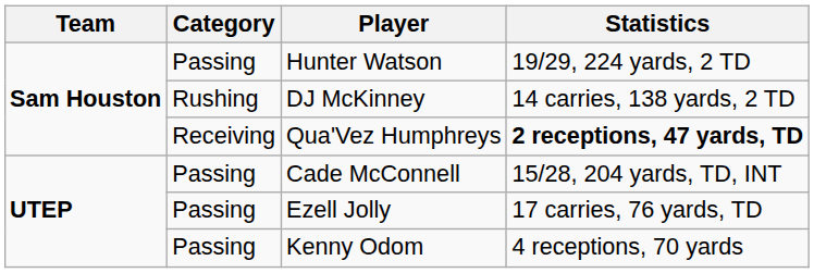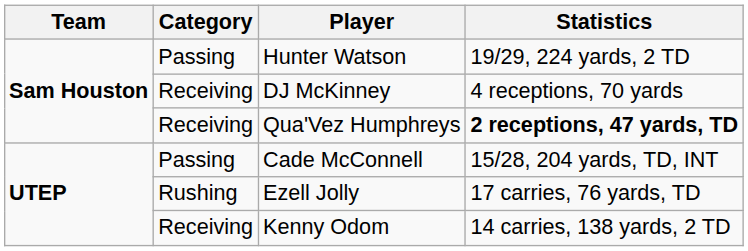 <table class="wikitable" style="float: right;">
 <tr>
 <th>Team</th>
 <th>Category</th>
 <th>Player</th>
 <th>Statistics</th>
 </tr>
 <tr>
 <td rowspan=3><strong>Sam Houston</strong></td>
 <td>Passing</td>
 <td>Hunter Watson</td>
 <td>19/29, 224 yards, 2 TD</td>
 </tr>
 <tr>
-<td>Rushing</td>
+<td>Receiving</td>
 <td>DJ McKinney</td>
-<td>14 carries, 138 yards, 2 TD</td>
+<td>4 receptions, 70 yards</td>
 </tr>
 <tr>
 <td>Receiving</td>
 <td>Qua'Vez Humphreys</td>
 <td><strong>2 receptions, 47 yards, TD</strong></td>
 </tr>
 <tr>
 <td rowspan=3><strong>UTEP</strong></td>
 <td>Passing</td>
 <td>Cade McConnell</td>
 <td>15/28, 204 yards, TD, INT</td>
 </tr>
 <tr>
-<td>Passing</td>
+<td>Rushing</td>
 <td>Ezell Jolly</td>
 <td>17 carries, 76 yards, TD</td>
 </tr>
 <tr>
-<td>Passing</td>
+<td>Receiving</td>
 <td>Kenny Odom</td>
-<td>4 receptions, 70 yards</td>
+<td>14 carries, 138 yards, 2 TD</td>
 </tr>
 </table>
